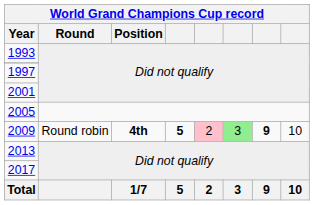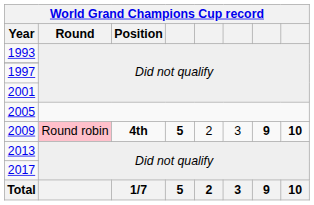 <table class="wikitable collapsible collapsed" style="text-align: center;">
 <tr>
 <th colspan=8><a href='#'>World Grand Champions Cup record</a></th>
 </tr>
 <tr>
 <th>Year</th>
 <th>Round</th>
 <th>Position</th>
 <th width=30></th>
 <th width=30></th>
 <th width=30></th>
 <th width=30></th>
 <th width=30></th>
 </tr>
 <tr>
 <td> <a href='#'>1993</a></td>
 <td colspan=7 rowspan=4 bgcolor=#EFEFEF><em>Did not qualify</em></td>
 </tr>
 <tr>
 </tr>
 <tr>
 <td> <a href='#'>1997</a></td>
 </tr>
 <tr>
 <td> <a href='#'>2001</a></td>
 </tr>
 <tr>
 <td> <a href='#'>2005</a></td>
 </tr>
 <tr>
 <td> <a href='#'>2009</a></td>
-<td>Round robin</td>
+<td style="background: pink;">Round robin</td>
 <td><strong>4th</strong></td>
 <td><strong>5</strong></td>
-<td style="background: pink;">2</td>
-<td style="background: lightgreen;">3</td>
+<td>2</td>
+<td>3</td>
 <td><strong>9</strong></td>
-<td>10</td>
+<td><strong>10</strong></td>
 </tr>
 <tr>
 <td> <a href='#'>2013</a></td>
 <td colspan=7 rowspan=2 bgcolor=#EFEFEF><em>Did not qualify</em></td>
 </tr>
 <tr>
 <td> <a href='#'>2017</a></td>
 </tr>
 <tr>
 <th>Total</th>
 <th></th>
 <th>1/7</th>
 <th>5</th>
 <th>2</th>
 <th>3</th>
 <th>9</th>
 <th>10</th>
 </tr>
 </table>
